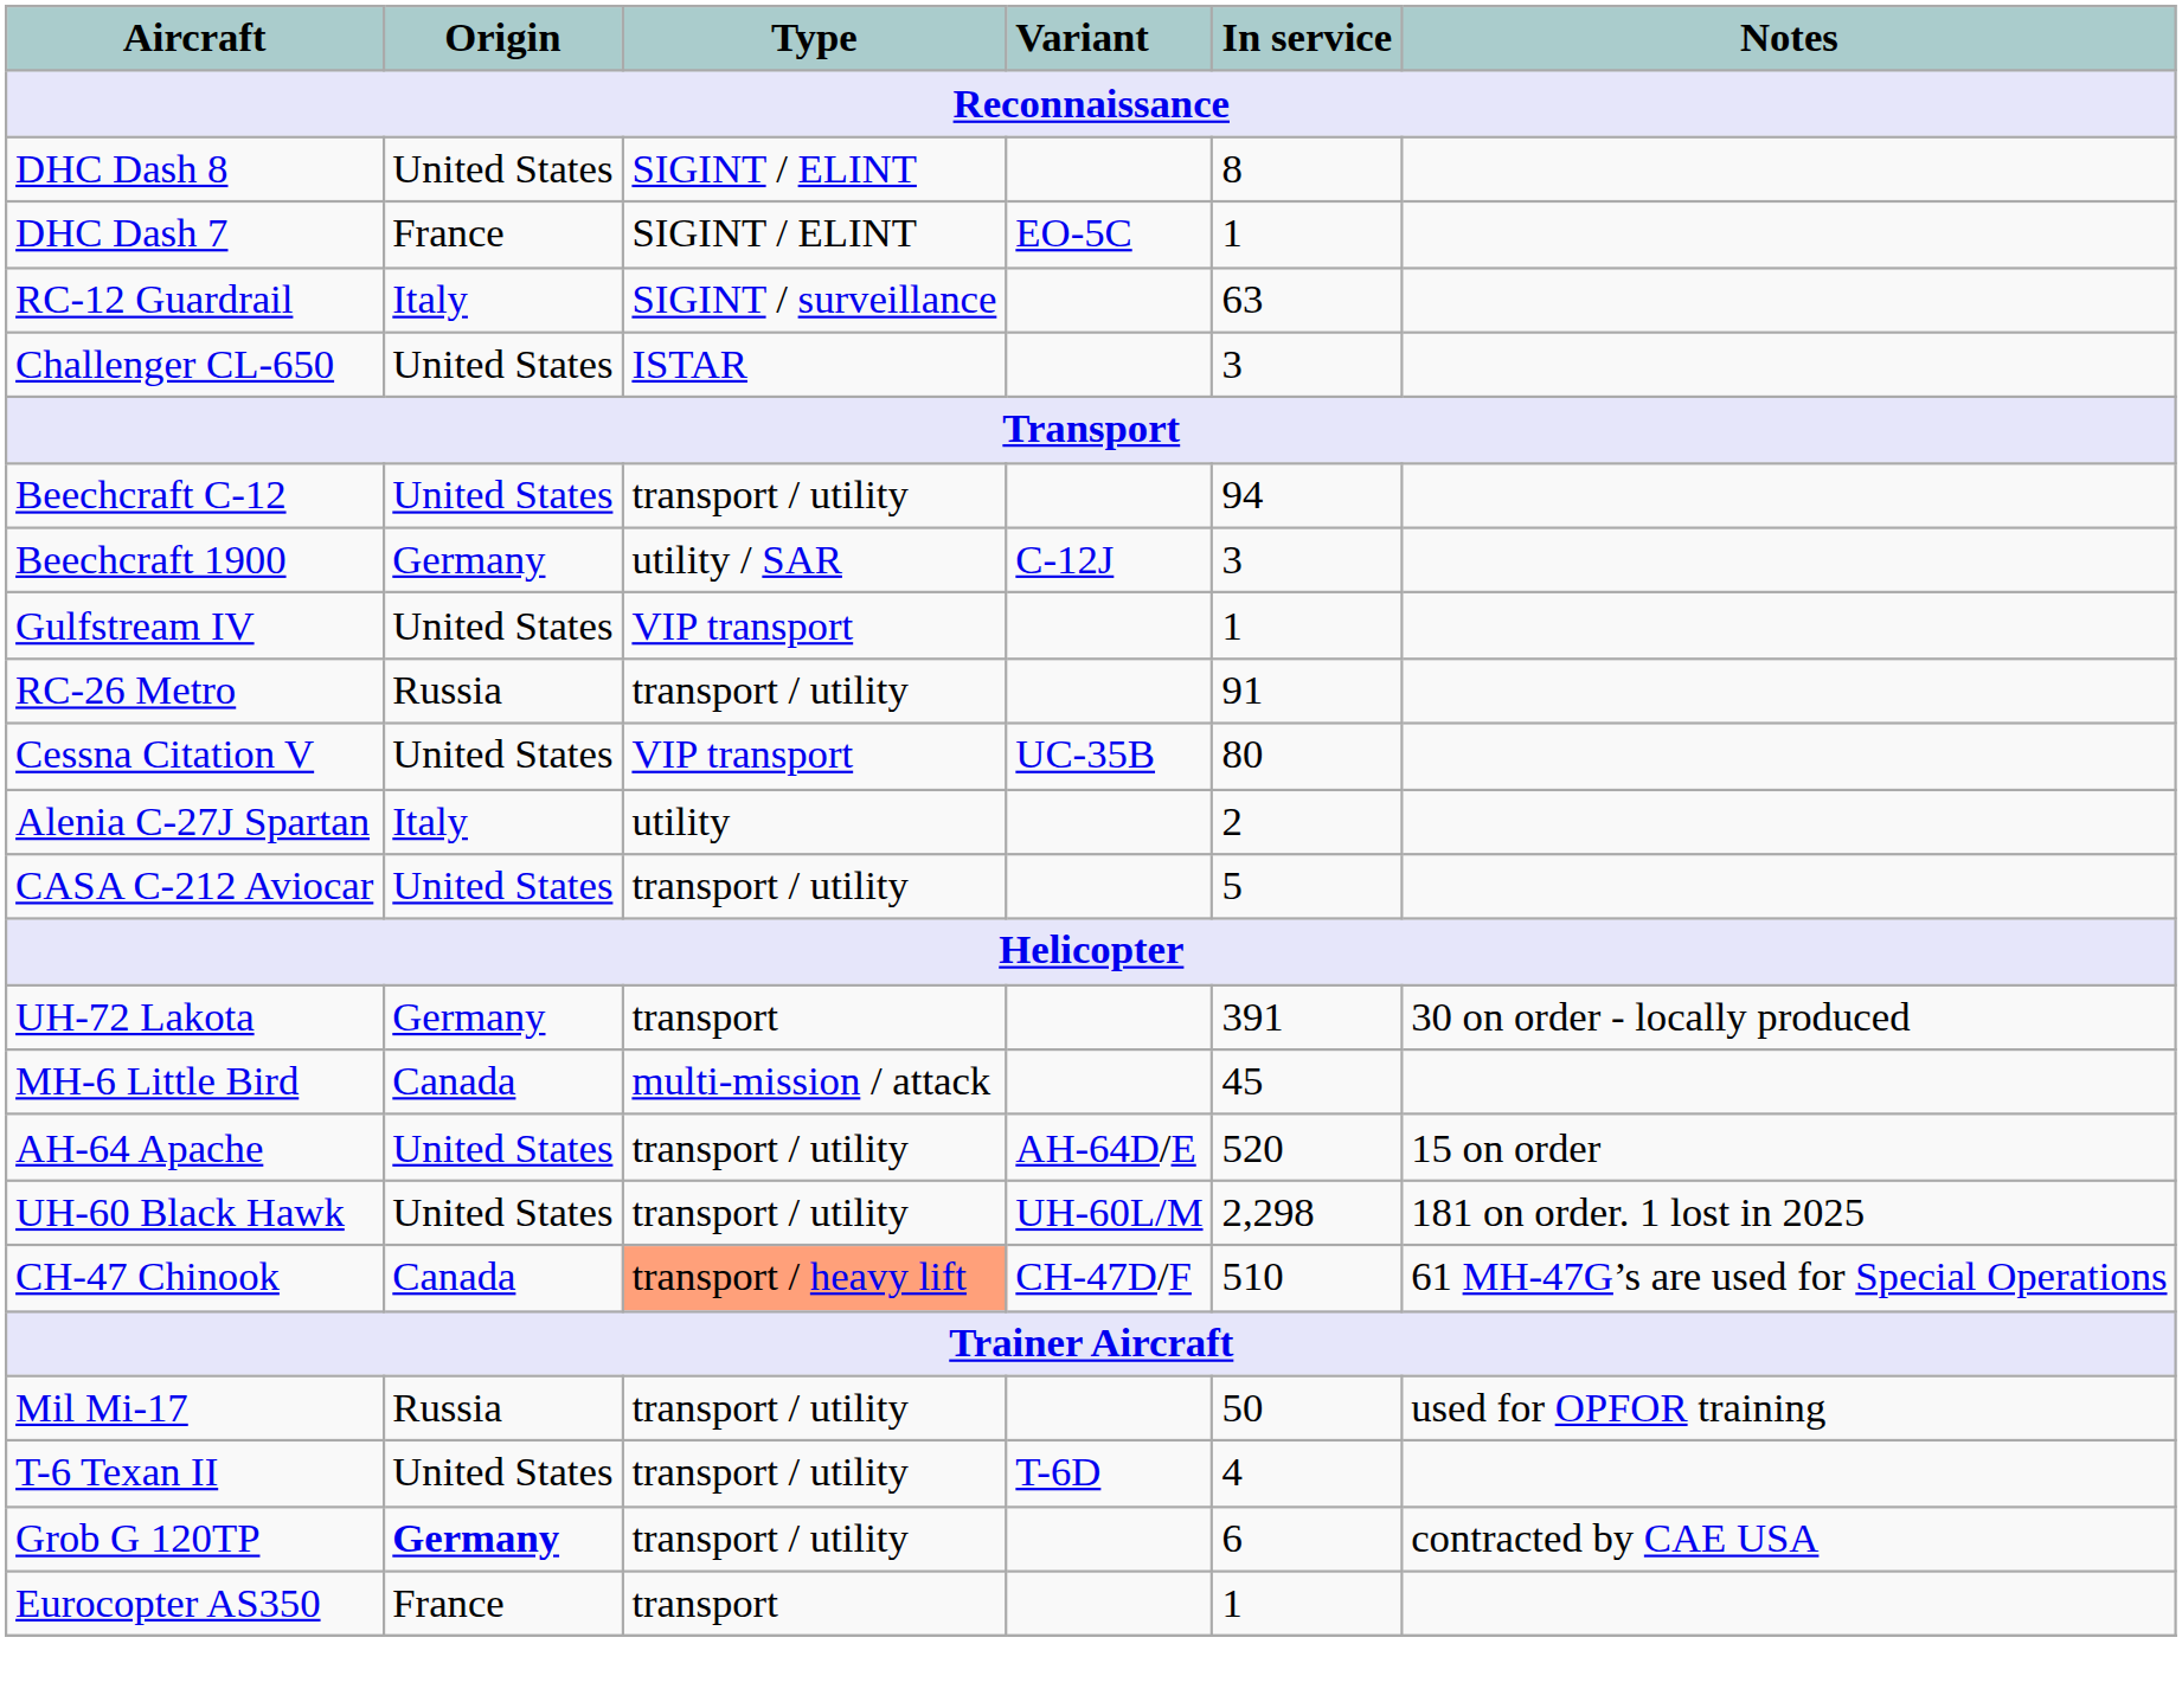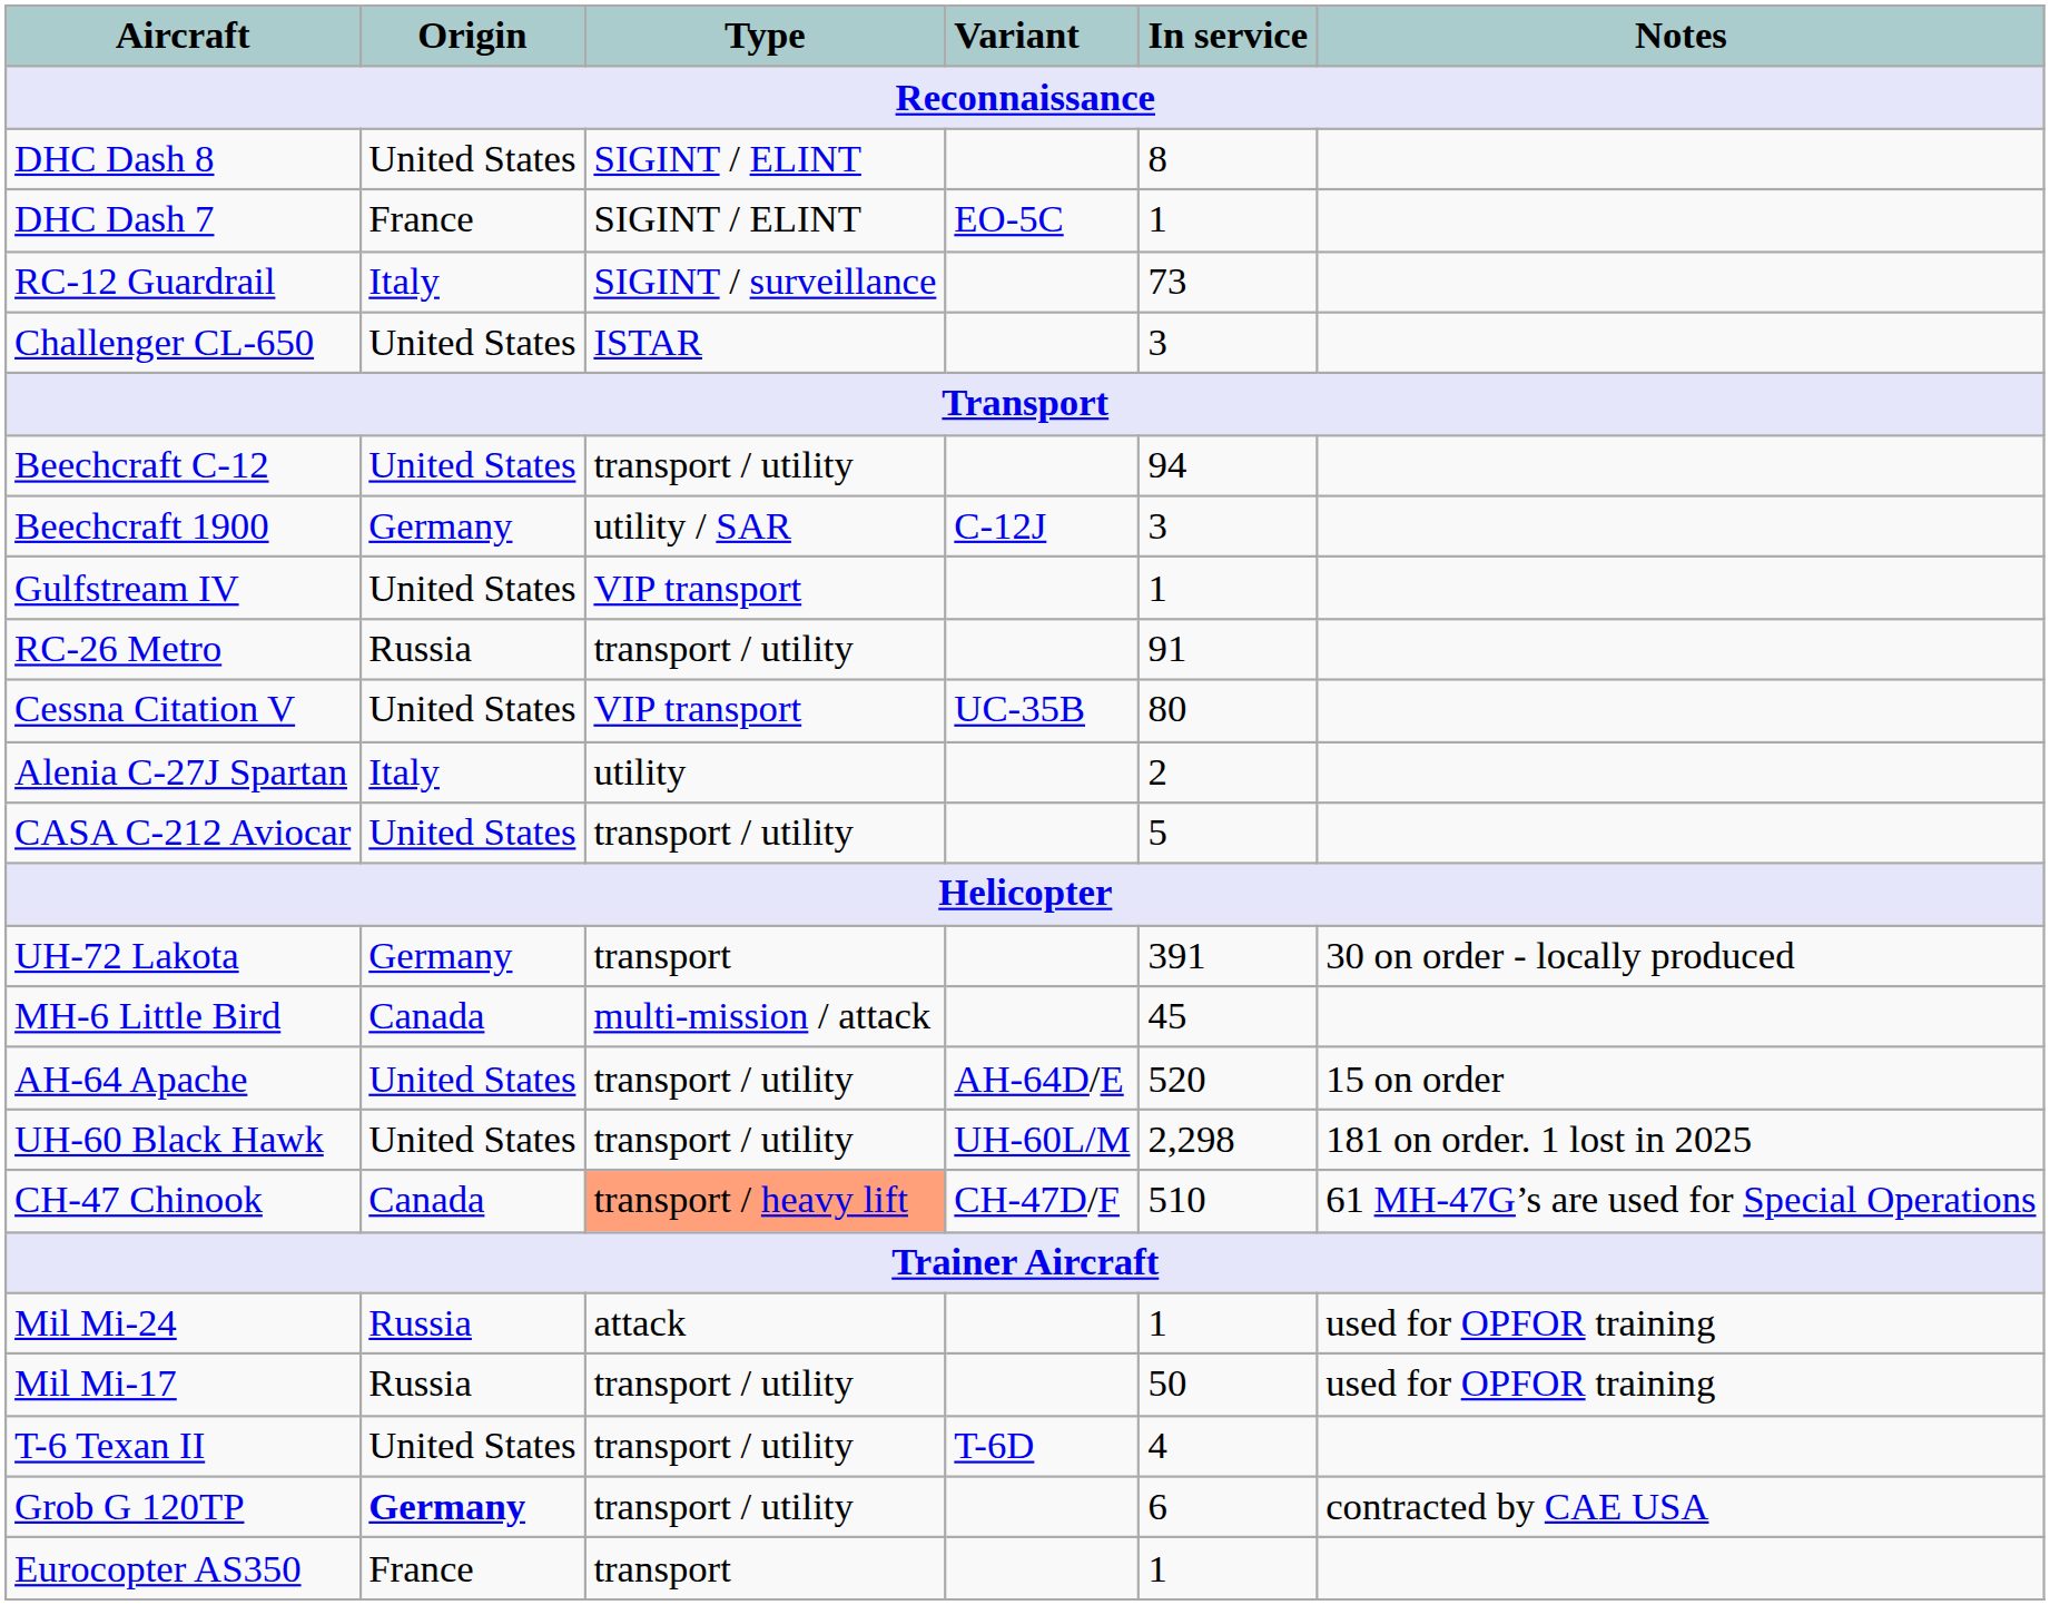 <table class="wikitable">
 <tr>
 <th style="text-align:center; background:#acc;">Aircraft</th>
 <th style="text-align: center; background:#acc;">Origin</th>
 <th style="text-align:l center; background:#acc;">Type</th>
 <th style="text-align:left; background:#acc;">Variant</th>
 <th style="text-align:center; background:#acc;">In service</th>
 <th style="text-align: center; background:#acc;">Notes</th>
 </tr>
 <tr>
 <th style="align: center; background: lavender;" colspan="6"><a href='#'> Reconnaissance</a></th>
 </tr>
 <tr>
 <td><a href='#'>DHC Dash 8</a></td>
 <td>United States</td>
 <td><a href='#'>SIGINT</a> / <a href='#'>ELINT</a></td>
 <td></td>
 <td>8</td>
 <td></td>
 </tr>
 <tr>
 <td><a href='#'>DHC Dash 7</a></td>
 <td>France</td>
 <td>SIGINT / ELINT</td>
 <td><a href='#'>EO-5C</a></td>
 <td>1</td>
 <td></td>
 </tr>
 <tr>
 <td><a href='#'> RC-12 Guardrail</a></td>
 <td><a href='#'>Italy</a></td>
 <td><a href='#'>SIGINT</a> / <a href='#'> surveillance</a></td>
 <td></td>
-<td>63</td>
+<td>73</td>
 <td></td>
 </tr>
 <tr>
 <td><a href='#'>Challenger CL-650</a></td>
 <td>United States</td>
 <td><a href='#'>ISTAR</a></td>
 <td></td>
 <td>3</td>
 <td></td>
 </tr>
 <tr>
 <th style="align: center; background: lavender;" colspan="6"><a href='#'>Transport</a></th>
 </tr>
 <tr>
 <td><a href='#'> Beechcraft C-12</a></td>
 <td><a href='#'>United States</a></td>
 <td>transport / utility</td>
 <td></td>
 <td>94</td>
 <td></td>
 </tr>
 <tr>
 <td><a href='#'>Beechcraft 1900</a></td>
 <td><a href='#'>Germany</a></td>
 <td>utility / <a href='#'>SAR</a></td>
 <td><a href='#'>C-12J</a></td>
 <td>3</td>
 <td></td>
 </tr>
 <tr>
 <td><a href='#'>Gulfstream IV</a></td>
 <td>United States</td>
 <td><a href='#'>VIP transport</a></td>
 <td></td>
 <td>1</td>
 <td></td>
 </tr>
 <tr>
 <td><a href='#'>RC-26 Metro</a></td>
 <td>Russia</td>
 <td>transport / utility</td>
 <td></td>
 <td>91</td>
 <td></td>
 </tr>
 <tr>
 <td><a href='#'>Cessna Citation V</a></td>
 <td>United States</td>
 <td><a href='#'>VIP transport</a></td>
 <td><a href='#'>UC-35B</a></td>
 <td>80</td>
 <td></td>
 </tr>
 <tr>
 <td><a href='#'>Alenia C-27J Spartan</a></td>
 <td><a href='#'>Italy</a></td>
 <td>utility</td>
 <td></td>
 <td>2</td>
 <td></td>
 </tr>
 <tr>
 <td><a href='#'>CASA C-212 Aviocar</a></td>
 <td><a href='#'>United States</a></td>
 <td>transport / utility</td>
 <td></td>
 <td>5</td>
 <td></td>
 </tr>
 <tr>
 <th style="align: center; background: lavender;" colspan="6"><a href='#'>Helicopter</a></th>
 </tr>
 <tr>
 <td><a href='#'>UH-72 Lakota</a></td>
 <td><a href='#'>Germany</a></td>
 <td>transport</td>
 <td></td>
 <td>391</td>
 <td>30 on order - locally produced</td>
 </tr>
 <tr>
 <td><a href='#'> MH-6 Little Bird</a></td>
 <td><a href='#'>Canada</a></td>
 <td><a href='#'>multi-mission</a> / attack</td>
 <td></td>
 <td>45</td>
 <td></td>
 </tr>
 <tr>
 <td><a href='#'>AH-64 Apache</a></td>
 <td><a href='#'>United States</a></td>
 <td>transport / utility</td>
 <td><a href='#'>AH-64D</a>/<a href='#'>E</a></td>
 <td>520</td>
 <td>15 on order</td>
 </tr>
 <tr>
 <td><a href='#'>UH-60 Black Hawk</a></td>
 <td>United States</td>
 <td>transport / utility</td>
 <td><a href='#'> UH-60L/M</a></td>
 <td>2,298</td>
 <td>181 on order. 1 lost in 2025</td>
 </tr>
 <tr>
 <td><a href='#'>CH-47 Chinook</a></td>
 <td><a href='#'>Canada</a></td>
 <td style="background: lightsalmon;">transport / <a href='#'>heavy lift</a></td>
 <td><a href='#'>CH-47D</a>/<a href='#'>F</a></td>
 <td>510</td>
 <td>61 <a href='#'> MH-47G</a>’s are used for <a href='#'>Special Operations</a></td>
 </tr>
 <tr>
 <th style="align: center; background: lavender;" colspan="6"><a href='#'>Trainer Aircraft</a></th>
 </tr>
 <tr>
+<td><a href='#'>Mil Mi-24</a></td>
+<td><a href='#'>Russia</a></td>
+<td>attack</td>
+<td></td>
+<td>1</td>
+<td>used for <a href='#'>OPFOR</a> training</td>
+</tr>
+<tr>
 <td><a href='#'>Mil Mi-17</a></td>
 <td>Russia</td>
 <td>transport / utility</td>
 <td></td>
 <td>50</td>
 <td>used for <a href='#'>OPFOR</a> training</td>
 </tr>
 <tr>
 <td><a href='#'>T-6 Texan II</a></td>
 <td>United States</td>
 <td>transport / utility</td>
 <td><a href='#'>T-6D</a></td>
 <td>4</td>
 <td></td>
 </tr>
 <tr>
 <td><a href='#'>Grob G 120TP</a></td>
 <td><strong><a href='#'>Germany</a></strong></td>
 <td>transport / utility</td>
 <td></td>
 <td>6</td>
 <td>contracted by <a href='#'> CAE USA</a></td>
 </tr>
 <tr>
 <td><a href='#'>Eurocopter AS350</a></td>
 <td>France</td>
 <td>transport</td>
 <td></td>
 <td>1</td>
 <td></td>
 </tr>
 <tr>
 </tr>
 </table>
